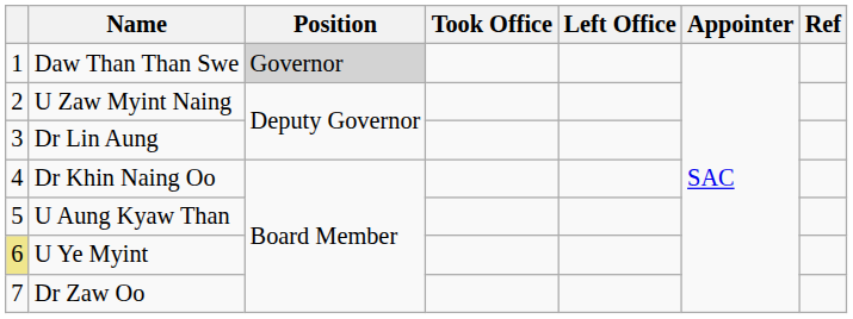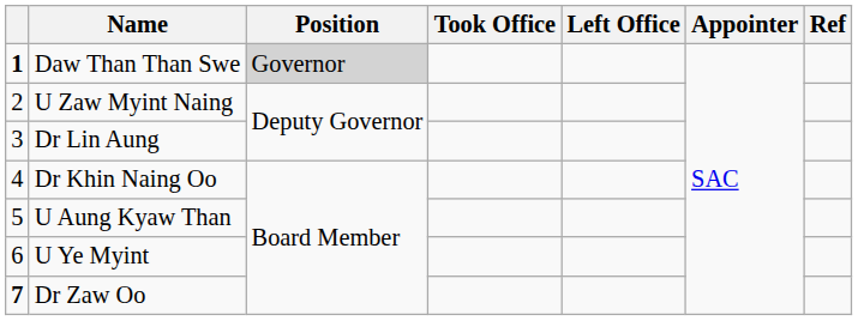 <table class="wikitable">
 <tr>
 <th></th>
 <th>Name</th>
 <th>Position</th>
 <th>Took Office</th>
 <th>Left Office</th>
 <th>Appointer</th>
 <th>Ref</th>
 </tr>
 <tr>
-<td>1</td>
+<td><strong>1</strong></td>
 <td>Daw Than Than Swe</td>
 <td style="background: lightgrey;">Governor</td>
 <td></td>
 <td></td>
 <td rowspan="7"><a href='#'>SAC</a></td>
 <td></td>
 </tr>
 <tr>
 <td>2</td>
 <td>U Zaw Myint Naing</td>
 <td rowspan="2">Deputy Governor</td>
 <td></td>
 <td></td>
 <td></td>
 </tr>
 <tr>
 <td>3</td>
 <td>Dr Lin Aung</td>
 <td></td>
 <td></td>
 <td></td>
 </tr>
 <tr>
 <td>4</td>
 <td>Dr Khin Naing Oo</td>
 <td rowspan="4">Board Member</td>
 <td></td>
 <td></td>
 <td></td>
 </tr>
 <tr>
 <td>5</td>
 <td>U Aung Kyaw Than</td>
 <td></td>
 <td></td>
 <td></td>
 </tr>
 <tr>
-<td style="background: khaki;">6</td>
+<td>6</td>
 <td>U Ye Myint</td>
 <td></td>
 <td></td>
 <td></td>
 </tr>
 <tr>
-<td>7</td>
+<td><strong>7</strong></td>
 <td>Dr Zaw Oo</td>
 <td></td>
 <td></td>
 <td></td>
 </tr>
 </table>
